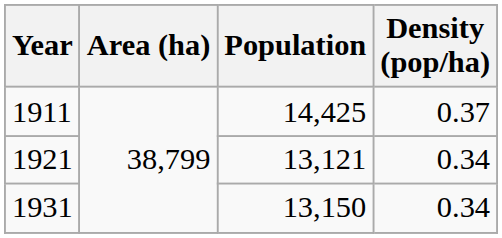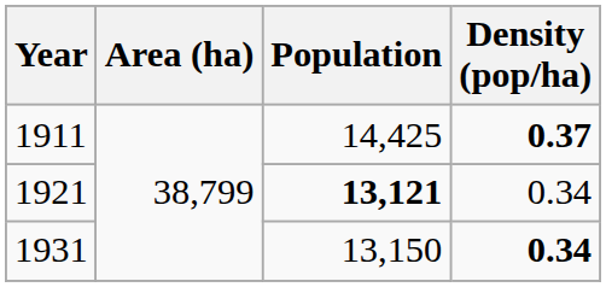 <table class="wikitable">
 <tr>
 <th>Year</th>
 <th>Area (ha)<br></th>
 <th>Population<br></th>
 <th>Density<br>(pop/ha)</th>
 </tr>
 <tr>
 <td>1911</td>
 <td style="text-align:right;" rowspan="3">38,799</td>
 <td style="text-align:right;">14,425</td>
-<td style="text-align:right;">0.37</td>
+<td style="text-align:right;"><strong>0.37</strong></td>
 </tr>
 <tr>
 <td>1921</td>
-<td style="text-align:right;">13,121</td>
+<td style="text-align:right;"><strong>13,121</strong></td>
 <td style="text-align:right;">0.34</td>
 </tr>
 <tr>
 <td>1931</td>
 <td style="text-align:right;">13,150</td>
-<td style="text-align:right;">0.34</td>
+<td style="text-align:right;"><strong>0.34</strong></td>
 </tr>
 </table>
